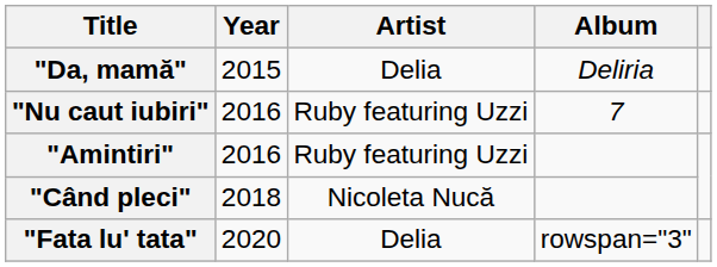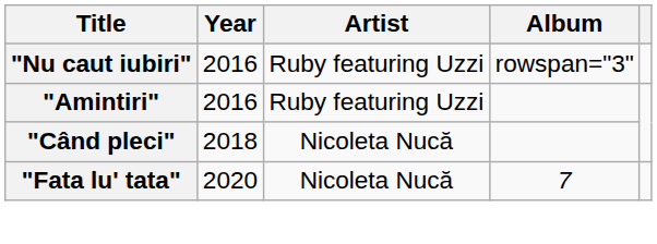 <table class="wikitable plainrowheaders" style="text-align:center;" border="1">
 <tr>
 <th scope="col">Title</th>
 <th scope="col">Year</th>
 <th scope="col">Artist</th>
 <th scope="col">Album</th>
 <th scope="col"></th>
 </tr>
 <tr>
-<th scope="row">"Da, mamă"</th>
-<td>2015</td>
-<td>Delia</td>
-<td><em>Deliria</em></td>
-<td></td>
-</tr>
-<tr>
 <th scope="row">"Nu caut iubiri"</th>
 <td>2016</td>
 <td>Ruby featuring Uzzi</td>
-<td><em>7</em></td>
+<td>rowspan="3" </td>
 <td></td>
 </tr>
 <tr>
 <th scope="row">"Amintiri"</th>
 <td>2016</td>
 <td>Ruby featuring Uzzi</td>
 <td></td>
 </tr>
 <tr>
 <th scope="row">"Când pleci"</th>
 <td>2018</td>
 <td>Nicoleta Nucă</td>
 <td></td>
 </tr>
 <tr>
 <th scope="row">"Fata lu' tata"</th>
 <td>2020</td>
-<td>Delia</td>
-<td>rowspan="3" </td>
+<td>Nicoleta Nucă</td>
+<td><em>7</em></td>
 <td></td>
 </tr>
 </table>
